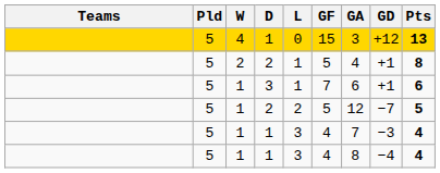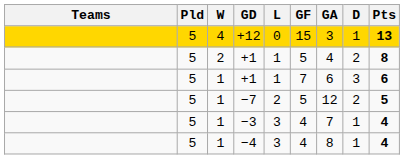 <table class="wikitable" style="text-align: center;">
 <tr>
 <th width=165>Teams</th>
 <th width=20>Pld</th>
 <th width=20>W</th>
-<th width=20>D</th>
+<th width=20>GD</th>
 <th width=20>L</th>
 <th width=20>GF</th>
 <th width=20>GA</th>
-<th width=20>GD</th>
+<th width=20>D</th>
 <th width=20>Pts</th>
 </tr>
 <tr align=center style="background:gold">
 <td style="text-align:left;"></td>
 <td>5</td>
 <td>4</td>
-<td>1</td>
+<td>+12</td>
 <td>0</td>
 <td>15</td>
 <td>3</td>
-<td>+12</td>
+<td>1</td>
 <td><strong>13</strong></td>
 </tr>
 <tr align=center>
 <td style="text-align:left;"></td>
 <td>5</td>
 <td>2</td>
-<td>2</td>
+<td>+1</td>
 <td>1</td>
 <td>5</td>
 <td>4</td>
-<td>+1</td>
+<td>2</td>
 <td><strong>8</strong></td>
 </tr>
 <tr align=center>
 <td style="text-align:left;"></td>
 <td>5</td>
 <td>1</td>
-<td>3</td>
+<td>+1</td>
 <td>1</td>
 <td>7</td>
 <td>6</td>
-<td>+1</td>
+<td>3</td>
 <td><strong>6</strong></td>
 </tr>
 <tr align=center>
 <td style="text-align:left;"></td>
 <td>5</td>
 <td>1</td>
-<td>2</td>
+<td>−7</td>
 <td>2</td>
 <td>5</td>
 <td>12</td>
-<td>−7</td>
+<td>2</td>
 <td><strong>5</strong></td>
 </tr>
 <tr align=center>
 <td style="text-align:left;"></td>
 <td>5</td>
 <td>1</td>
-<td>1</td>
+<td>−3</td>
 <td>3</td>
 <td>4</td>
 <td>7</td>
-<td>−3</td>
+<td>1</td>
 <td><strong>4</strong></td>
 </tr>
 <tr align=center>
 <td style="text-align:left;"></td>
 <td>5</td>
 <td>1</td>
-<td>1</td>
+<td>−4</td>
 <td>3</td>
 <td>4</td>
 <td>8</td>
-<td>−4</td>
+<td>1</td>
 <td><strong>4</strong></td>
 </tr>
 </table>
